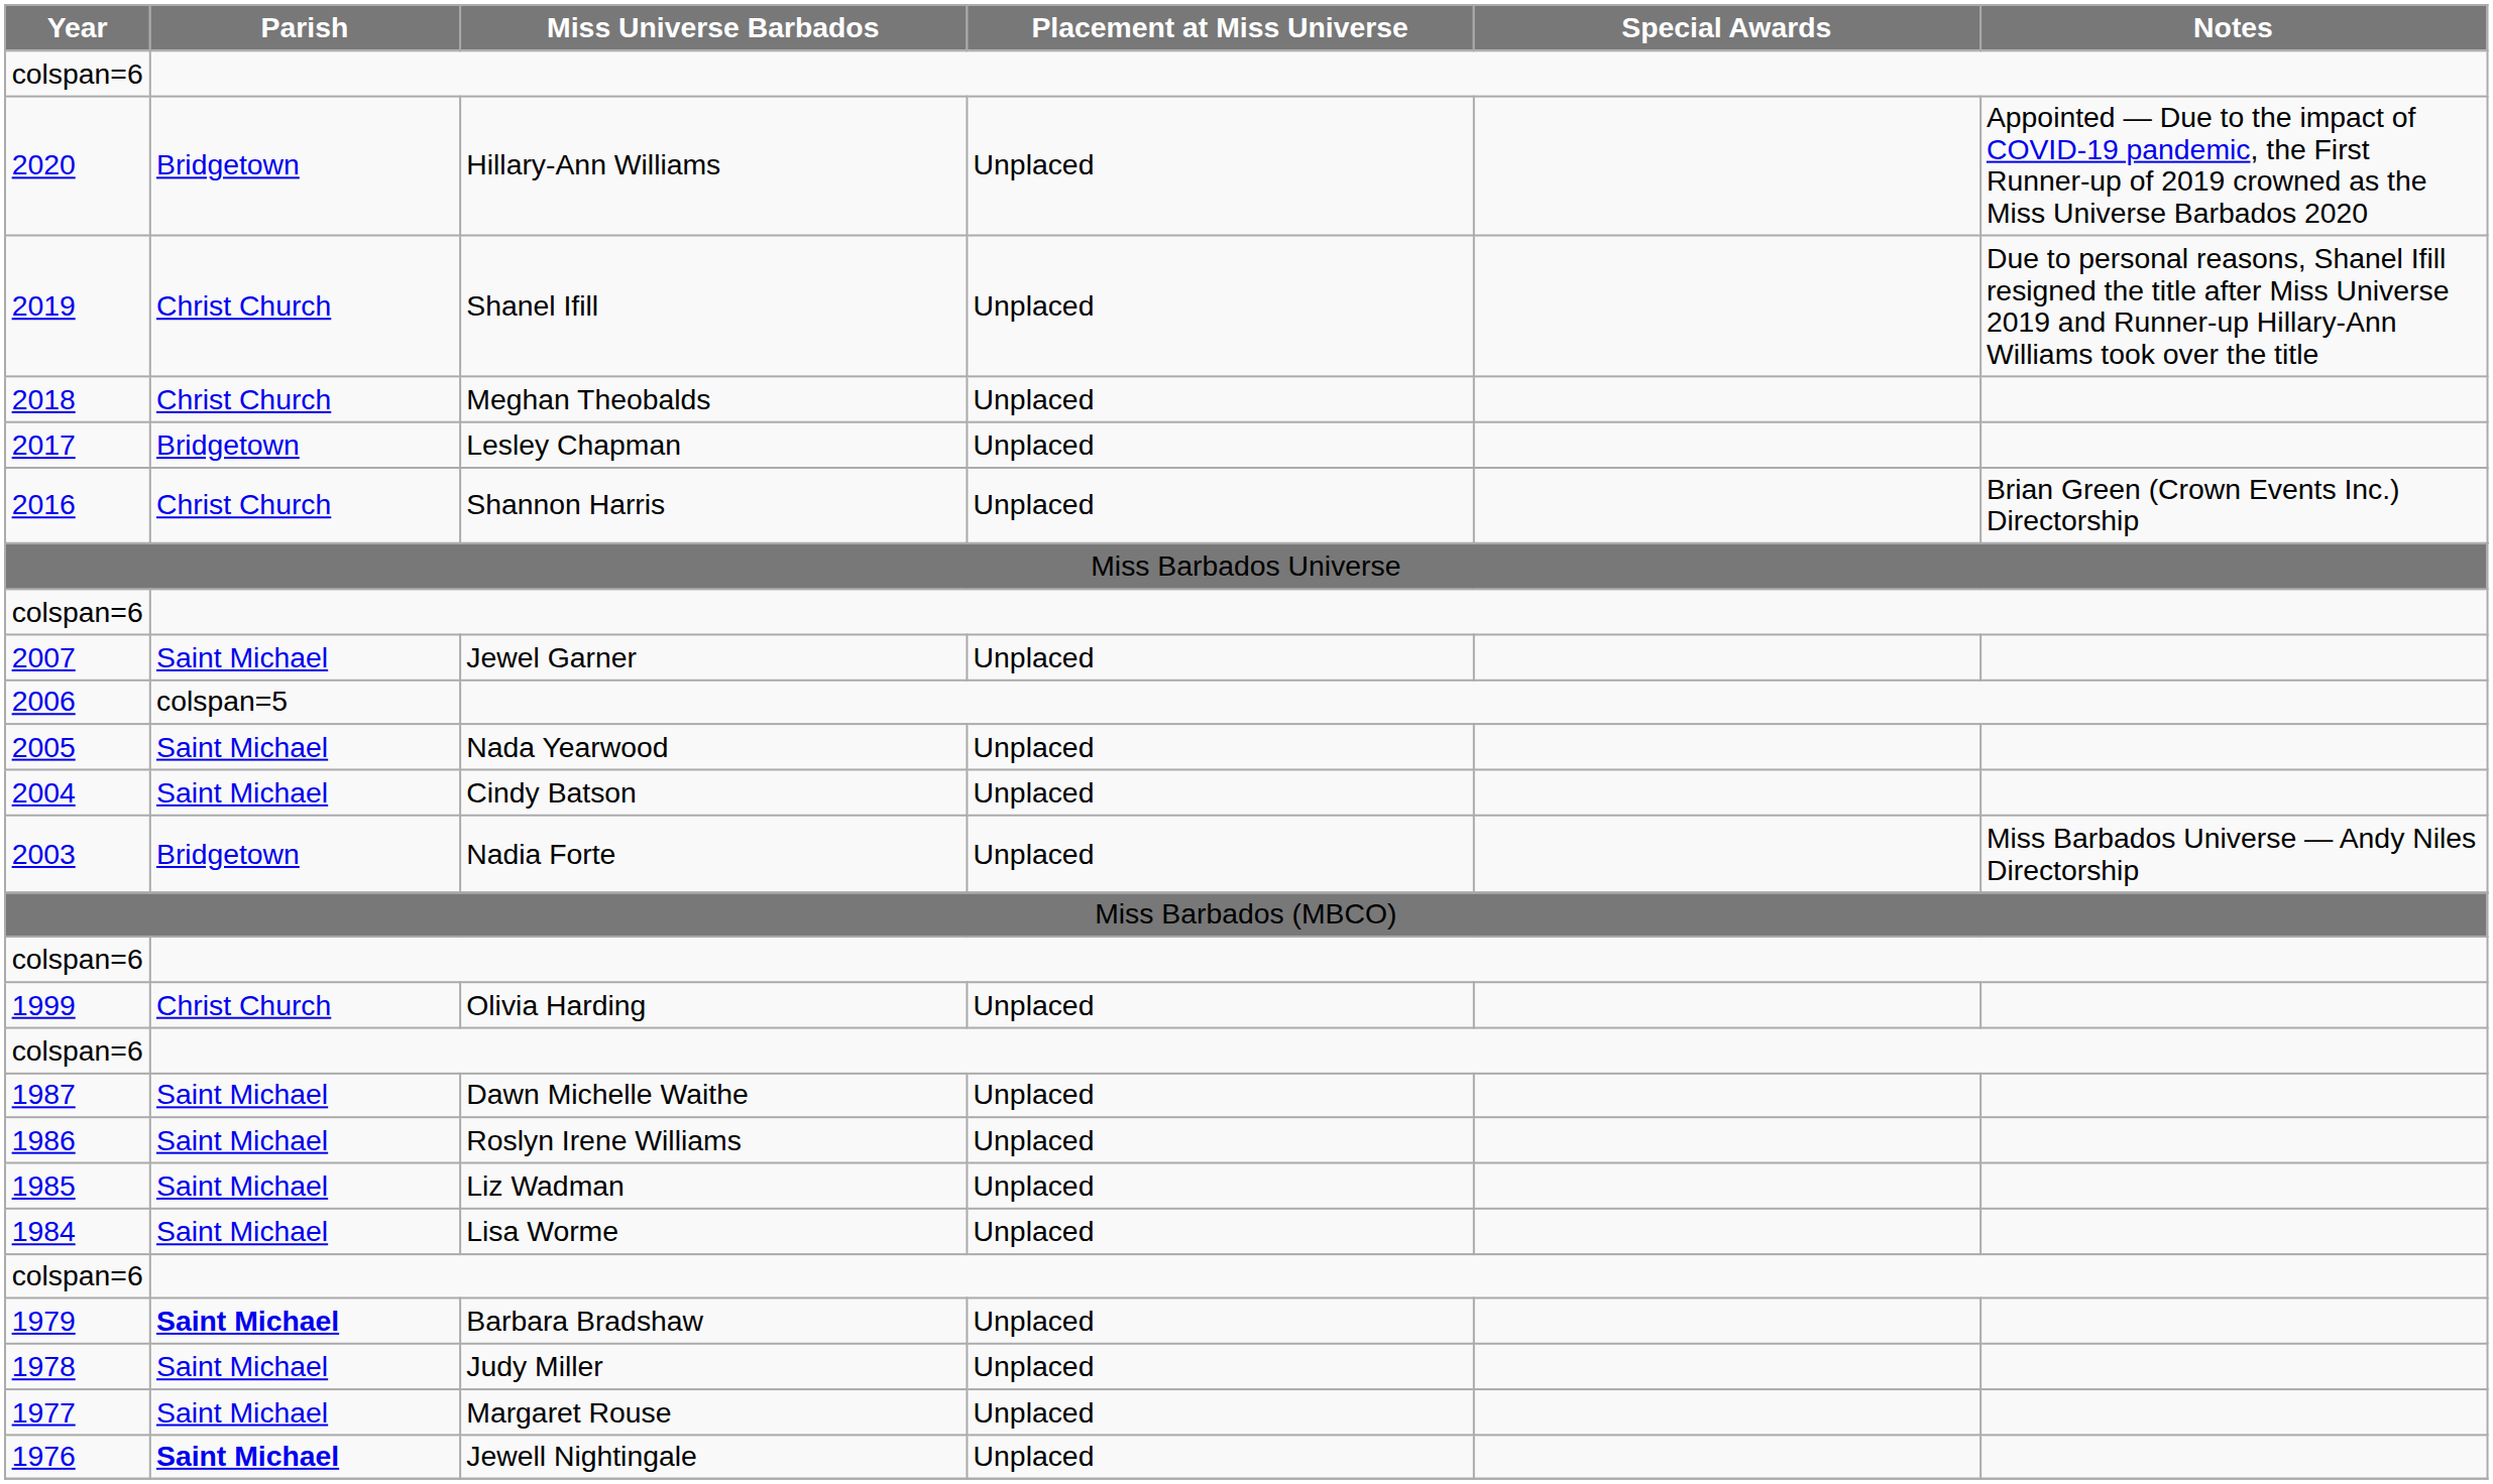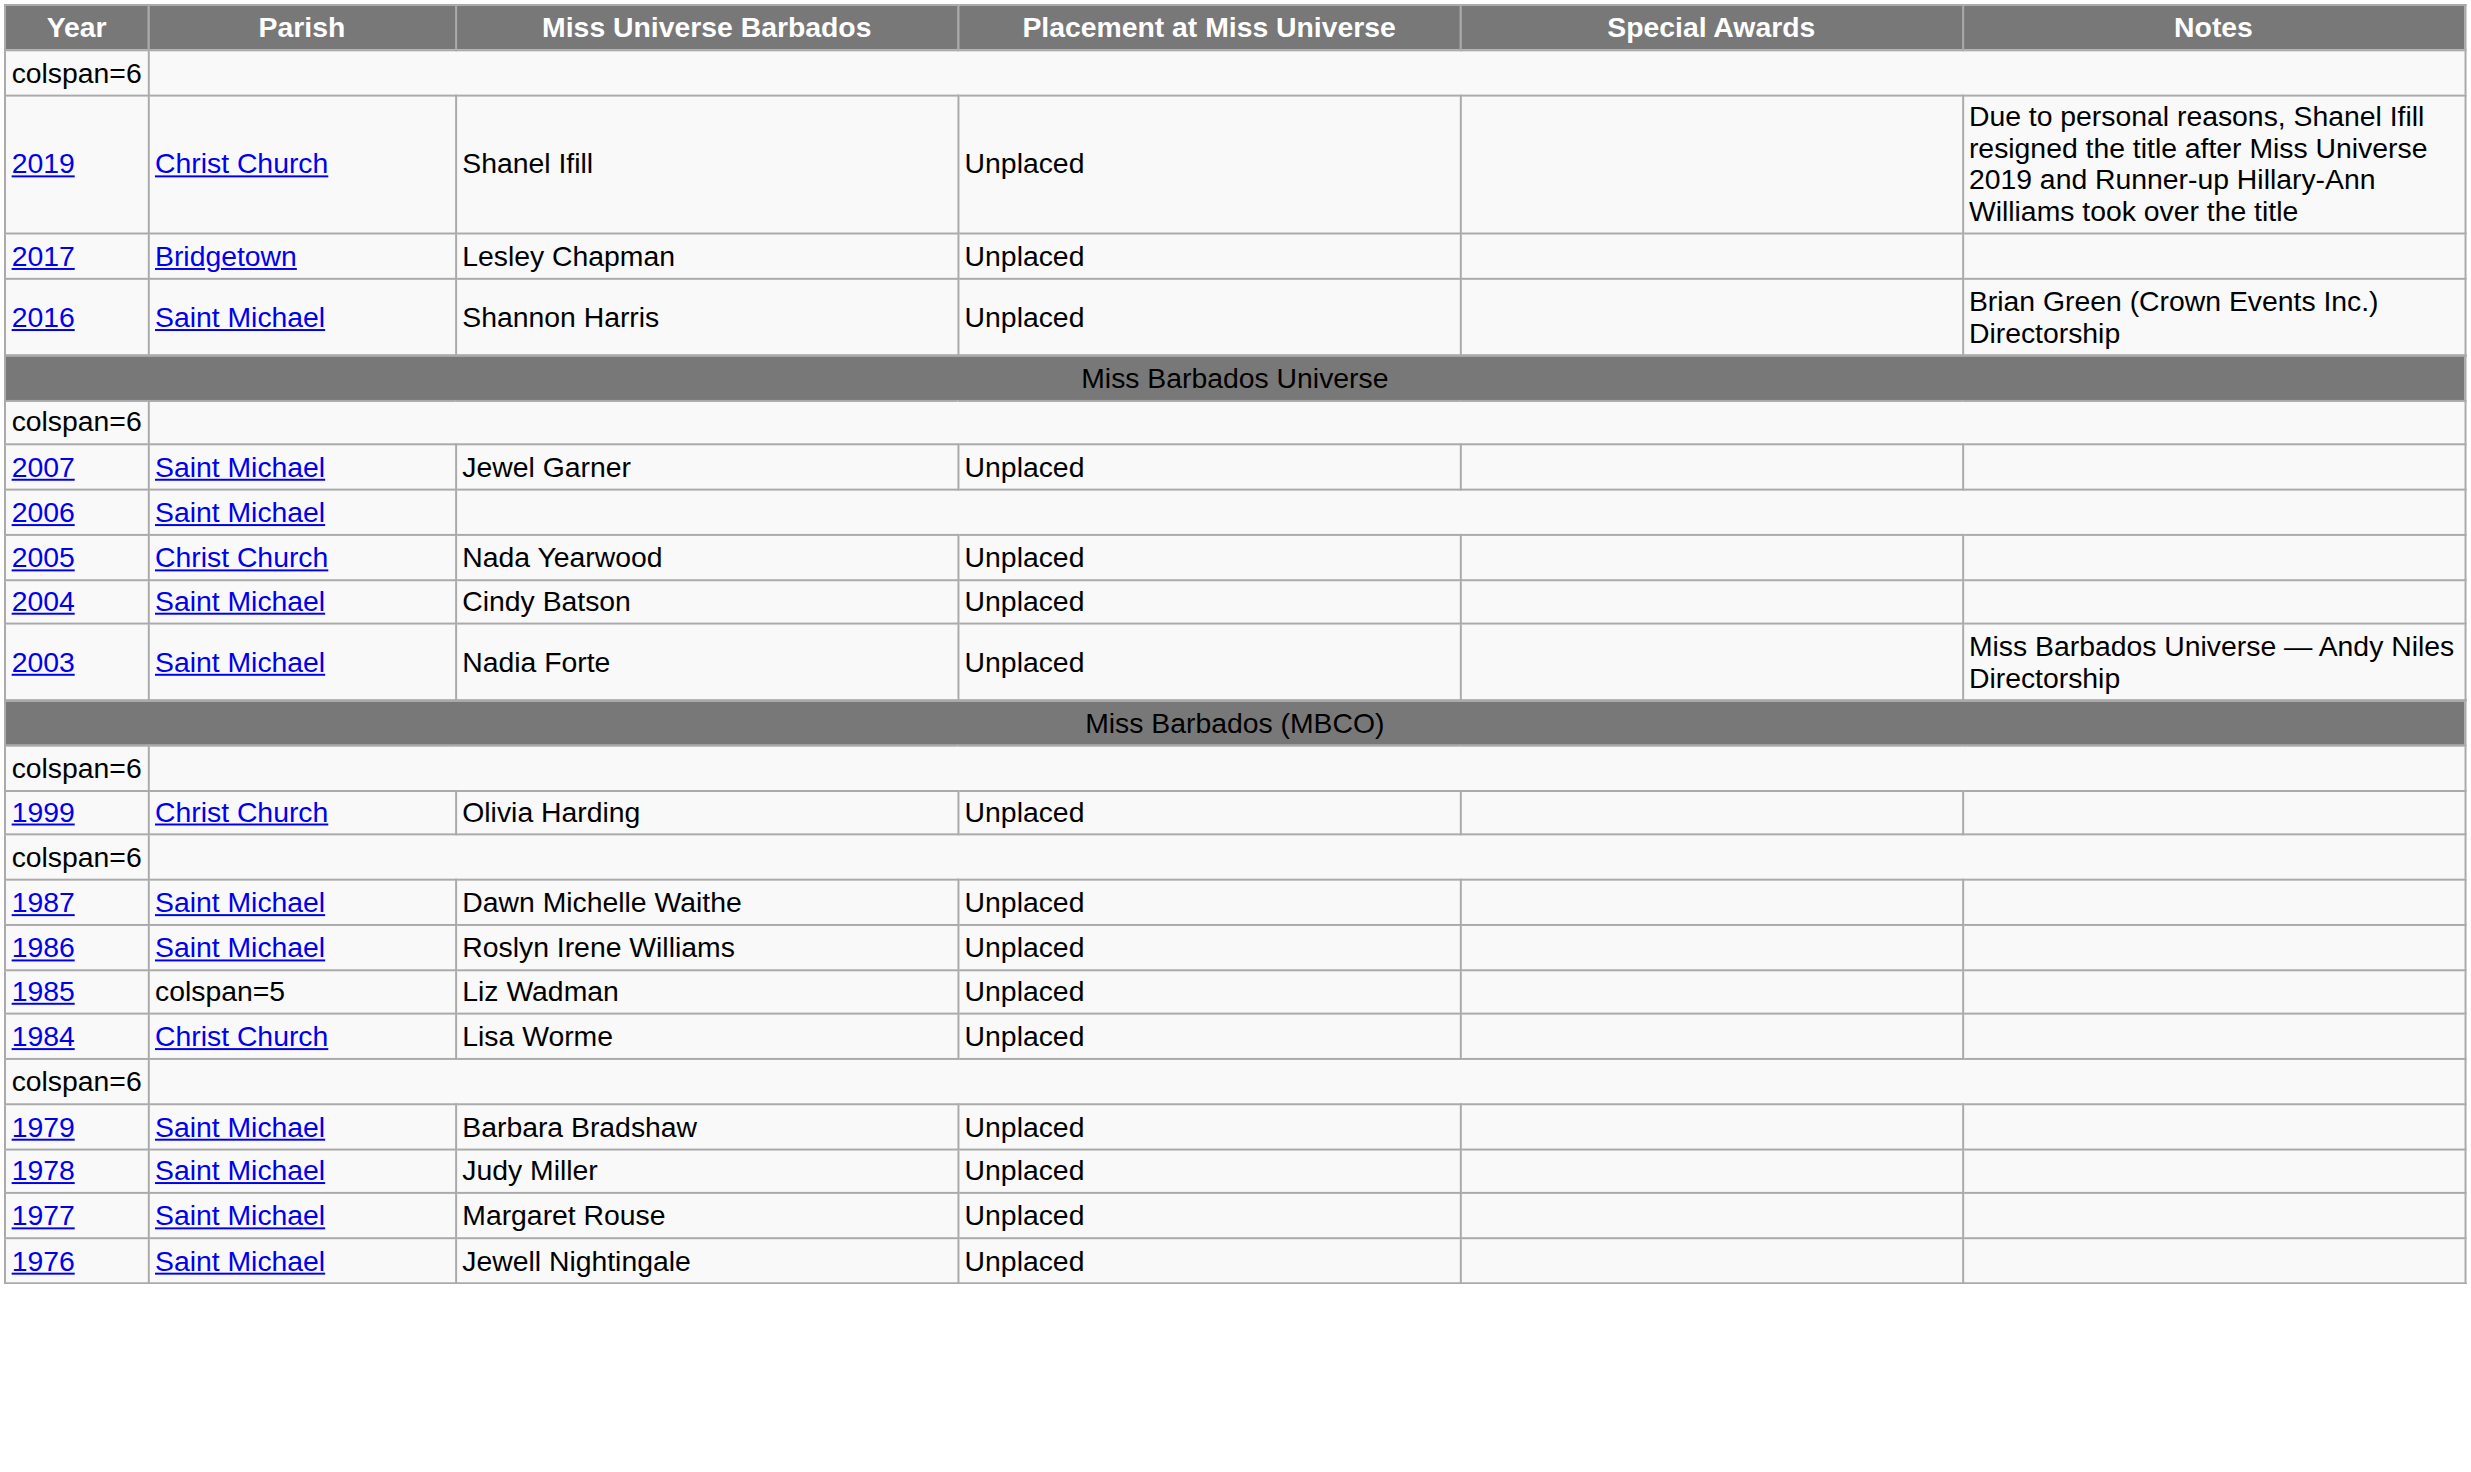 <table class="wikitable " style="font-size: 90%;">
 <tr>
 <th width="60" style="background-color:#787878;color:#FFFFFF;">Year</th>
 <th width="150" style="background-color:#787878;color:#FFFFFF;">Parish</th>
 <th width="250" style="background-color:#787878;color:#FFFFFF;">Miss Universe Barbados</th>
 <th width="250" style="background-color:#787878;color:#FFFFFF;">Placement at Miss Universe</th>
 <th width="250" style="background-color:#787878;color:#FFFFFF;">Special Awards</th>
 <th width="250" style="background-color:#787878;color:#FFFFFF;">Notes</th>
 </tr>
 <tr>
 <td>colspan=6 </td>
 </tr>
 <tr>
-<td><a href='#'>2020</a></td>
-<td><a href='#'>Bridgetown</a></td>
-<td>Hillary-Ann Williams</td>
-<td>Unplaced</td>
-<td></td>
-<td>Appointed — Due to the impact of <a href='#'>COVID-19 pandemic</a>, the First Runner-up of 2019 crowned as the Miss Universe Barbados 2020</td>
-</tr>
-<tr>
 <td><a href='#'>2019</a></td>
 <td><a href='#'>Christ Church</a></td>
 <td>Shanel Ifill</td>
 <td>Unplaced</td>
 <td></td>
 <td>Due to personal reasons, Shanel Ifill resigned the title after Miss Universe 2019 and Runner-up Hillary-Ann Williams took over the title</td>
-</tr>
-<tr>
-<td><a href='#'>2018</a></td>
-<td><a href='#'>Christ Church</a></td>
-<td>Meghan Theobalds</td>
-<td>Unplaced</td>
-<td></td>
-<td></td>
 </tr>
 <tr>
 <td><a href='#'>2017</a></td>
 <td><a href='#'>Bridgetown</a></td>
 <td>Lesley Chapman</td>
 <td>Unplaced</td>
 <td></td>
 <td></td>
 </tr>
 <tr>
 <td><a href='#'>2016</a></td>
-<td><a href='#'>Christ Church</a></td>
+<td><a href='#'>Saint Michael</a></td>
 <td>Shannon Harris</td>
 <td>Unplaced</td>
 <td></td>
 <td>Brian Green (Crown Events Inc.) Directorship</td>
 </tr>
 <tr>
 </tr>
 <tr bgcolor="#787878" align="center">
 <td colspan="6"><span>Miss Barbados Universe</span></td>
 </tr>
 <tr>
 <td>colspan=6 </td>
 </tr>
 <tr>
 <td><a href='#'>2007</a></td>
 <td><a href='#'>Saint Michael</a></td>
 <td>Jewel Garner</td>
 <td>Unplaced</td>
 <td></td>
 <td></td>
 </tr>
 <tr>
 <td><a href='#'>2006</a></td>
-<td>colspan=5 </td>
+<td><a href='#'>Saint Michael</a></td>
 </tr>
 <tr>
 <td><a href='#'>2005</a></td>
-<td><a href='#'>Saint Michael</a></td>
+<td><a href='#'>Christ Church</a></td>
 <td>Nada Yearwood</td>
 <td>Unplaced</td>
 <td></td>
 <td></td>
 </tr>
 <tr>
 <td><a href='#'>2004</a></td>
 <td><a href='#'>Saint Michael</a></td>
 <td>Cindy Batson</td>
 <td>Unplaced</td>
 <td></td>
 <td></td>
 </tr>
 <tr>
 <td><a href='#'>2003</a></td>
-<td><a href='#'>Bridgetown</a></td>
+<td><a href='#'>Saint Michael</a></td>
 <td>Nadia Forte</td>
 <td>Unplaced</td>
 <td></td>
 <td>Miss Barbados Universe — Andy Niles Directorship</td>
 </tr>
 <tr>
 </tr>
 <tr bgcolor="#787878" align="center">
 <td colspan="6"><span>Miss Barbados (MBCO)</span></td>
 </tr>
 <tr>
 <td>colspan=6 </td>
 </tr>
 <tr>
 <td><a href='#'>1999</a></td>
 <td><a href='#'>Christ Church</a></td>
 <td>Olivia Harding</td>
 <td>Unplaced</td>
 <td></td>
 <td></td>
 </tr>
 <tr>
 <td>colspan=6 </td>
 </tr>
 <tr>
 <td><a href='#'>1987</a></td>
 <td><a href='#'>Saint Michael</a></td>
 <td>Dawn Michelle Waithe</td>
 <td>Unplaced</td>
 <td></td>
 <td></td>
 </tr>
 <tr>
 <td><a href='#'>1986</a></td>
 <td><a href='#'>Saint Michael</a></td>
 <td>Roslyn Irene Williams</td>
 <td>Unplaced</td>
 <td></td>
 <td></td>
 </tr>
 <tr>
 <td><a href='#'>1985</a></td>
-<td><a href='#'>Saint Michael</a></td>
+<td>colspan=5 </td>
 <td>Liz Wadman</td>
 <td>Unplaced</td>
 <td></td>
 <td></td>
 </tr>
 <tr>
 <td><a href='#'>1984</a></td>
-<td><a href='#'>Saint Michael</a></td>
+<td><a href='#'>Christ Church</a></td>
 <td>Lisa Worme</td>
 <td>Unplaced</td>
 <td></td>
 <td></td>
 </tr>
 <tr>
 <td>colspan=6 </td>
 </tr>
 <tr>
 <td><a href='#'>1979</a></td>
-<td><strong><a href='#'>Saint Michael</a></strong></td>
+<td><a href='#'>Saint Michael</a></td>
 <td>Barbara Bradshaw</td>
 <td>Unplaced</td>
 <td></td>
 <td></td>
 </tr>
 <tr>
 <td><a href='#'>1978</a></td>
 <td><a href='#'>Saint Michael</a></td>
 <td>Judy Miller</td>
 <td>Unplaced</td>
 <td></td>
 <td></td>
 </tr>
 <tr>
 <td><a href='#'>1977</a></td>
 <td><a href='#'>Saint Michael</a></td>
 <td>Margaret Rouse</td>
 <td>Unplaced</td>
 <td></td>
 <td></td>
 </tr>
 <tr>
 <td><a href='#'>1976</a></td>
-<td><strong><a href='#'>Saint Michael</a></strong></td>
+<td><a href='#'>Saint Michael</a></td>
 <td>Jewell Nightingale</td>
 <td>Unplaced</td>
 <td></td>
 <td></td>
 </tr>
 <tr>
 </tr>
 </table>
